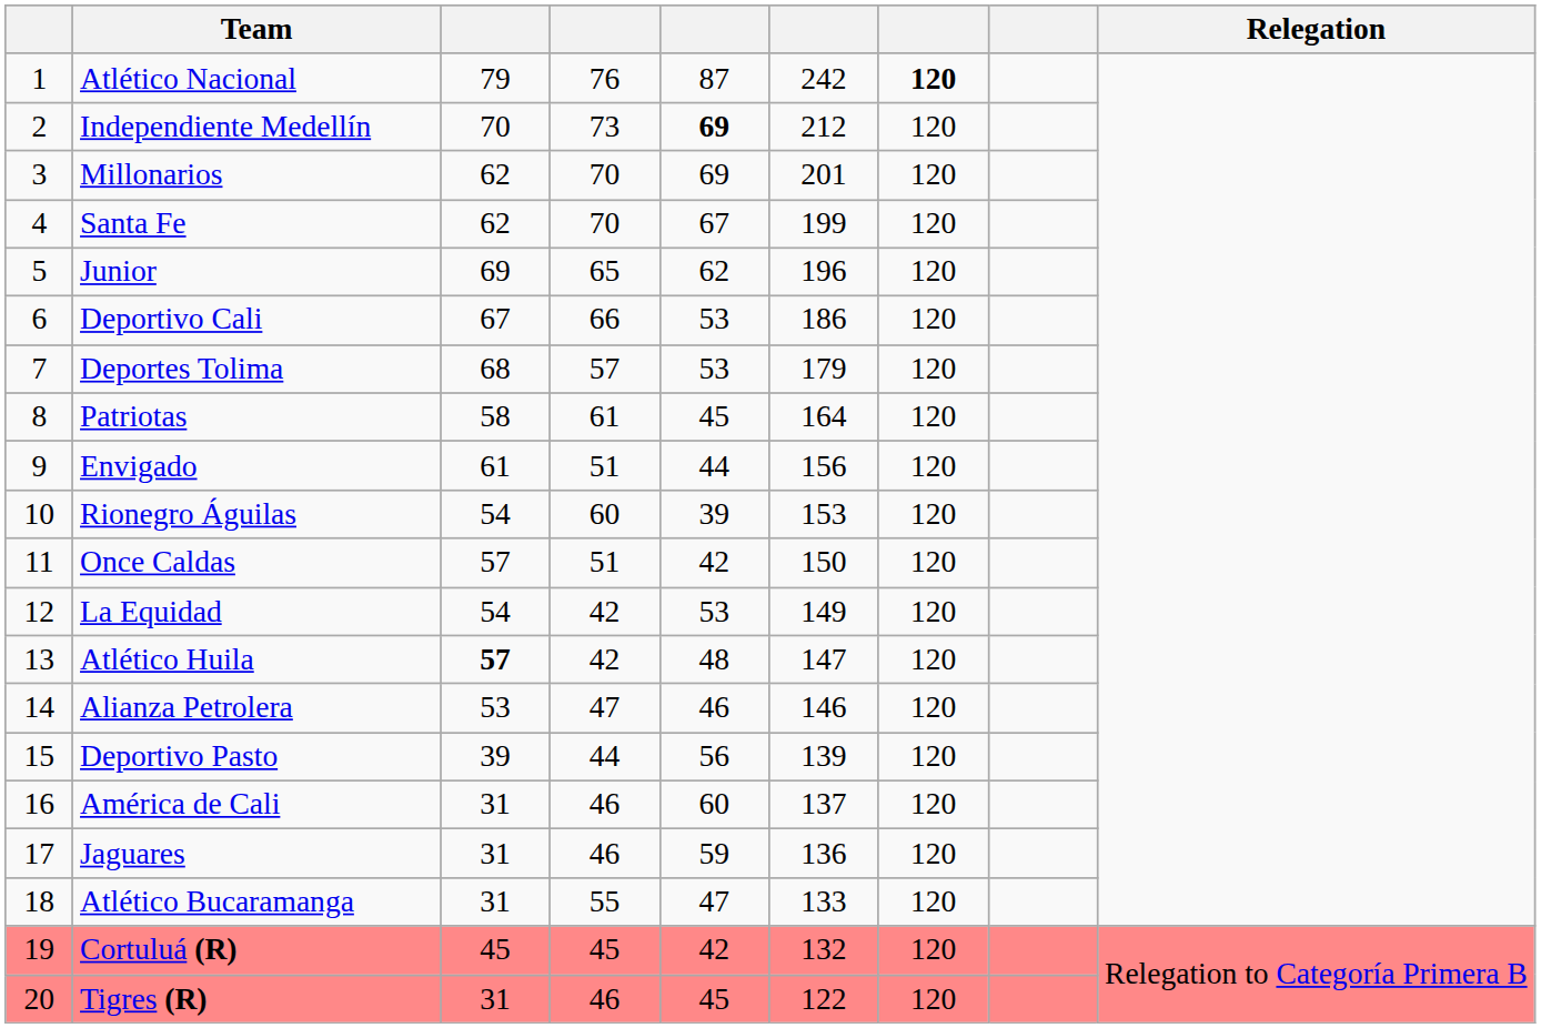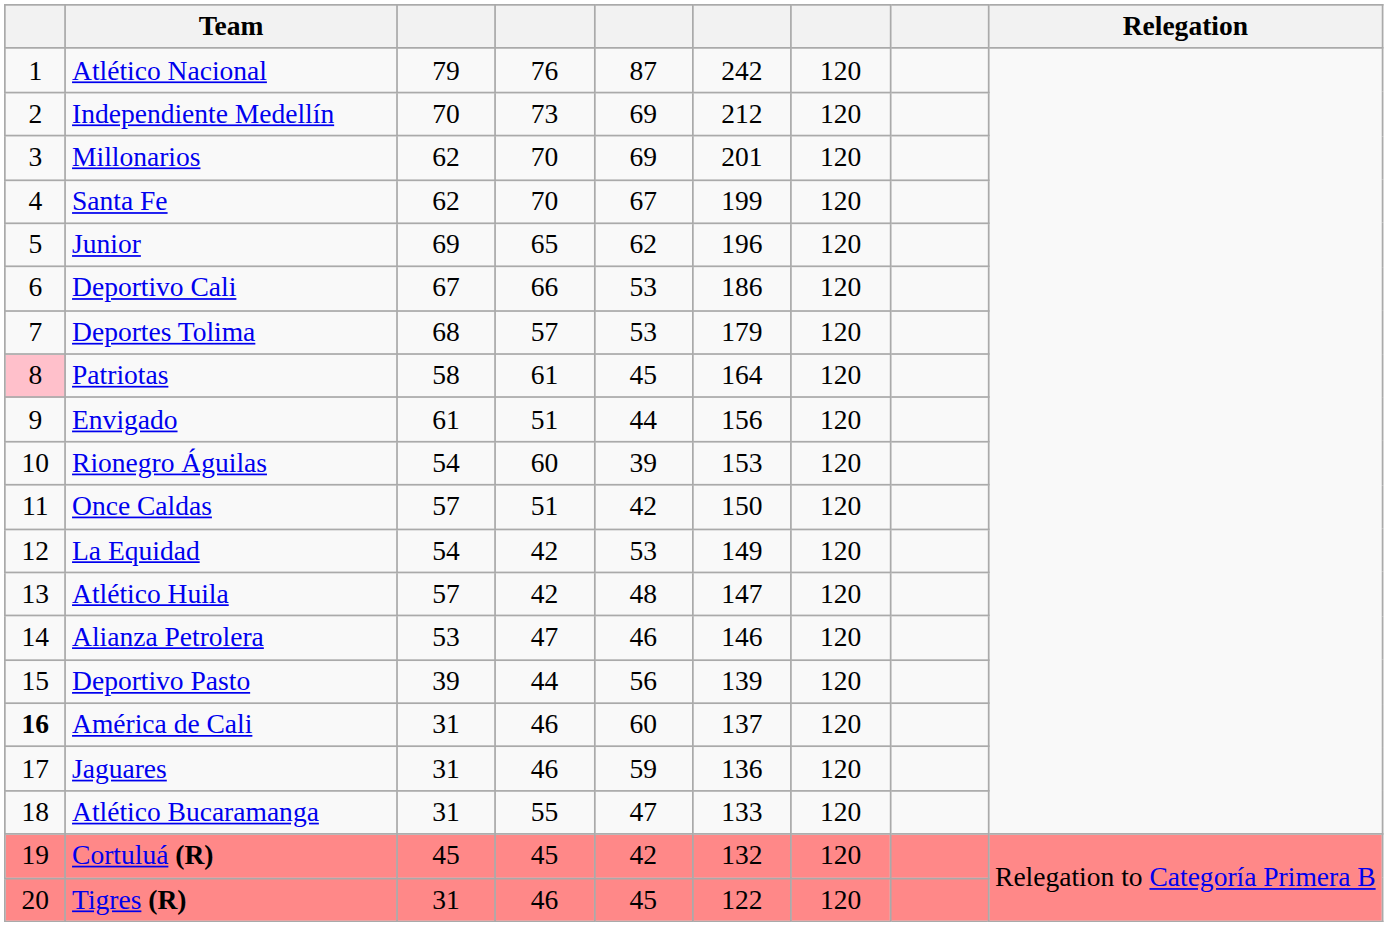 <table class="wikitable" style="text-align: center;">
 <tr>
 <th width=28><br></th>
 <th width=185>Team</th>
 <th width=50></th>
 <th width=50></th>
 <th width=50></th>
 <th width=50></th>
 <th width=50></th>
 <th width=50><br></th>
 <th>Relegation</th>
 </tr>
 <tr>
 <td>1</td>
 <td align="left"><a href='#'>Atlético Nacional</a></td>
 <td>79</td>
 <td>76</td>
 <td>87</td>
 <td>242</td>
-<td><strong>120</strong></td>
+<td>120</td>
 <td><strong></strong></td>
 </tr>
 <tr>
 <td>2</td>
 <td align="left"><a href='#'>Independiente Medellín</a></td>
 <td>70</td>
 <td>73</td>
-<td><strong>69</strong></td>
+<td>69</td>
 <td>212</td>
 <td>120</td>
 <td><strong></strong></td>
 </tr>
 <tr>
 <td>3</td>
 <td align="left"><a href='#'>Millonarios</a></td>
 <td>62</td>
 <td>70</td>
 <td>69</td>
 <td>201</td>
 <td>120</td>
 <td><strong></strong></td>
 </tr>
 <tr>
 <td>4</td>
 <td align="left"><a href='#'>Santa Fe</a></td>
 <td>62</td>
 <td>70</td>
 <td>67</td>
 <td>199</td>
 <td>120</td>
 <td><strong></strong></td>
 </tr>
 <tr>
 <td>5</td>
 <td align="left"><a href='#'>Junior</a></td>
 <td>69</td>
 <td>65</td>
 <td>62</td>
 <td>196</td>
 <td>120</td>
 <td><strong></strong></td>
 </tr>
 <tr>
 <td>6</td>
 <td align="left"><a href='#'>Deportivo Cali</a></td>
 <td>67</td>
 <td>66</td>
 <td>53</td>
 <td>186</td>
 <td>120</td>
 <td><strong></strong></td>
 </tr>
 <tr>
 <td>7</td>
 <td align="left"><a href='#'>Deportes Tolima</a></td>
 <td>68</td>
 <td>57</td>
 <td>53</td>
 <td>179</td>
 <td>120</td>
 <td><strong></strong></td>
 </tr>
 <tr>
-<td>8</td>
+<td style="background: pink;">8</td>
 <td align="left"><a href='#'>Patriotas</a></td>
 <td>58</td>
 <td>61</td>
 <td>45</td>
 <td>164</td>
 <td>120</td>
 <td><strong></strong></td>
 </tr>
 <tr>
 <td>9</td>
 <td align="left"><a href='#'>Envigado</a></td>
 <td>61</td>
 <td>51</td>
 <td>44</td>
 <td>156</td>
 <td>120</td>
 <td><strong></strong></td>
 </tr>
 <tr>
 <td>10</td>
 <td align="left"><a href='#'>Rionegro Águilas</a></td>
 <td>54</td>
 <td>60</td>
 <td>39</td>
 <td>153</td>
 <td>120</td>
 <td><strong></strong></td>
 </tr>
 <tr>
 <td>11</td>
 <td align="left"><a href='#'>Once Caldas</a></td>
 <td>57</td>
 <td>51</td>
 <td>42</td>
 <td>150</td>
 <td>120</td>
 <td><strong></strong></td>
 </tr>
 <tr>
 <td>12</td>
 <td align="left"><a href='#'>La Equidad</a></td>
 <td>54</td>
 <td>42</td>
 <td>53</td>
 <td>149</td>
 <td>120</td>
 <td><strong></strong></td>
 </tr>
 <tr>
 <td>13</td>
 <td align="left"><a href='#'>Atlético Huila</a></td>
-<td><strong>57</strong></td>
+<td>57</td>
 <td>42</td>
 <td>48</td>
 <td>147</td>
 <td>120</td>
 <td><strong></strong></td>
 </tr>
 <tr>
 <td>14</td>
 <td align="left"><a href='#'>Alianza Petrolera</a></td>
 <td>53</td>
 <td>47</td>
 <td>46</td>
 <td>146</td>
 <td>120</td>
 <td><strong></strong></td>
 </tr>
 <tr>
 <td>15</td>
 <td align="left"><a href='#'>Deportivo Pasto</a></td>
 <td>39</td>
 <td>44</td>
 <td>56</td>
 <td>139</td>
 <td>120</td>
 <td><strong></strong></td>
 </tr>
 <tr>
-<td>16</td>
+<td><strong>16</strong></td>
 <td align="left"><a href='#'>América de Cali</a></td>
 <td>31</td>
 <td>46</td>
 <td>60</td>
 <td>137</td>
 <td>120</td>
 <td><strong></strong></td>
 </tr>
 <tr>
 <td>17</td>
 <td align="left"><a href='#'>Jaguares</a></td>
 <td>31</td>
 <td>46</td>
 <td>59</td>
 <td>136</td>
 <td>120</td>
 <td><strong></strong></td>
 </tr>
 <tr>
 <td>18</td>
 <td align="left"><a href='#'>Atlético Bucaramanga</a></td>
 <td>31</td>
 <td>55</td>
 <td>47</td>
 <td>133</td>
 <td>120</td>
 <td><strong></strong></td>
 </tr>
 <tr bgcolor=#FF8888>
 <td>19</td>
 <td align="left"><a href='#'>Cortuluá</a> <strong>(R)</strong></td>
 <td>45</td>
 <td>45</td>
 <td>42</td>
 <td>132</td>
 <td>120</td>
 <td><strong></strong></td>
 <td rowspan=2>Relegation to <a href='#'>Categoría Primera B</a></td>
 </tr>
 <tr bgcolor=#FF8888>
 <td>20</td>
 <td align="left"><a href='#'>Tigres</a> <strong>(R)</strong></td>
 <td>31</td>
 <td>46</td>
 <td>45</td>
 <td>122</td>
 <td>120</td>
 <td><strong></strong></td>
 </tr>
 </table>
